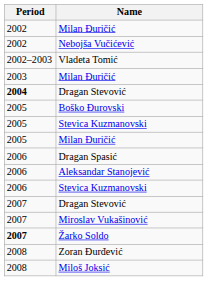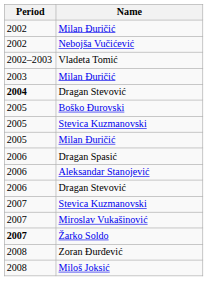 <table class="wikitable">
 <tr>
 <th width="75">Period</th>
 <th width="225">Name</th>
 </tr>
 <tr>
 <td>2002</td>
 <td> <a href='#'>Milan Đuričić</a></td>
 </tr>
 <tr>
 <td>2002</td>
 <td> <a href='#'>Nebojša Vučićević</a></td>
 </tr>
 <tr>
 <td>2002–2003</td>
 <td> Vladeta Tomić</td>
 </tr>
 <tr>
 <td>2003</td>
 <td> <a href='#'>Milan Đuričić</a></td>
 </tr>
 <tr>
 <td><strong>2004</strong></td>
 <td> Dragan Stevović</td>
 </tr>
 <tr>
 <td>2005</td>
 <td> <a href='#'>Boško Đurovski</a></td>
 </tr>
 <tr>
 <td>2005</td>
 <td> <a href='#'>Stevica Kuzmanovski</a></td>
 </tr>
 <tr>
 <td>2005</td>
 <td> <a href='#'>Milan Đuričić</a></td>
 </tr>
 <tr>
 <td>2006</td>
 <td> Dragan Spasić</td>
 </tr>
 <tr>
 <td>2006</td>
 <td> <a href='#'>Aleksandar Stanojević</a></td>
 </tr>
 <tr>
 <td>2006</td>
-<td> <a href='#'>Stevica Kuzmanovski</a></td>
+<td> Dragan Stevović</td>
 </tr>
 <tr>
 <td>2007</td>
-<td> Dragan Stevović</td>
+<td> <a href='#'>Stevica Kuzmanovski</a></td>
 </tr>
 <tr>
 <td>2007</td>
 <td> <a href='#'>Miroslav Vukašinović</a></td>
 </tr>
 <tr>
 <td><strong>2007</strong></td>
 <td> <a href='#'>Žarko Soldo</a></td>
 </tr>
 <tr>
 <td>2008</td>
 <td> Zoran Đurđević</td>
 </tr>
 <tr>
 <td>2008</td>
 <td> <a href='#'>Miloš Joksić</a></td>
 </tr>
 </table>
